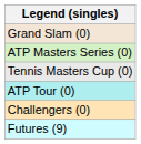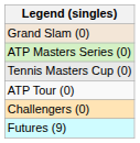 <table class="wikitable">
 <tr>
 <th>Legend (singles)</th>
 </tr>
 <tr style="background:#f3e6d7;">
 <td>Grand Slam (0)</td>
 </tr>
 <tr style="background:#d4f1c5;">
 <td>ATP Masters Series (0)</td>
 </tr>
 <tr style="background:#e9e9e9;">
 <td>Tennis Masters Cup (0)</td>
 </tr>
 <tr>
-<td style="background: paleturquoise;">ATP Tour (0)</td>
+<td>ATP Tour (0)</td>
 </tr>
 <tr bgcolor="moccasin">
 <td>Challengers (0)</td>
 </tr>
 <tr style="background:#cffcff;">
 <td>Futures (9)</td>
 </tr>
 </table>
